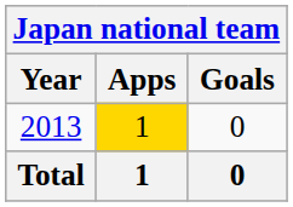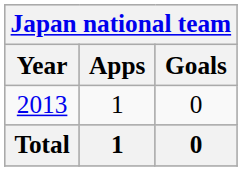 <table class="wikitable" style="text-align:center">
 <tr>
 <th colspan=3><a href='#'>Japan national team</a></th>
 </tr>
 <tr>
 <th>Year</th>
 <th>Apps</th>
 <th>Goals</th>
 </tr>
 <tr>
 <td><a href='#'>2013</a></td>
-<td style="background: gold;">1</td>
+<td>1</td>
 <td>0</td>
 </tr>
 <tr>
 <th>Total</th>
 <th>1</th>
 <th>0</th>
 </tr>
 </table>
